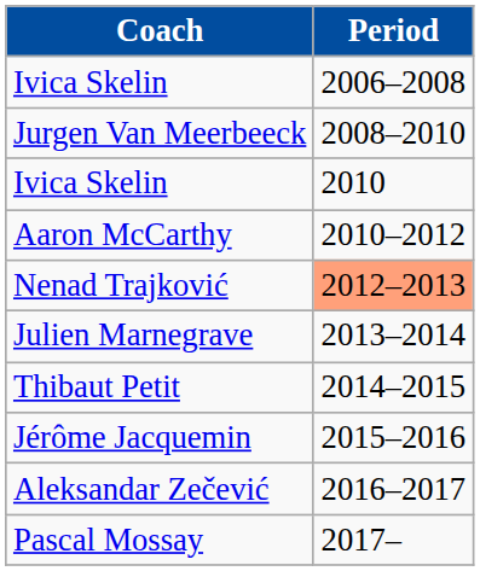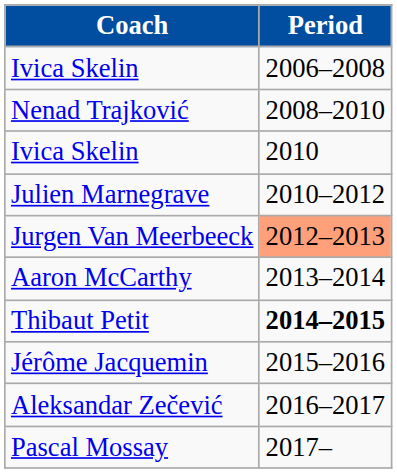 <table class="wikitable sortable">
 <tr>
 <th style="background:#014D9F; color:white;">Coach</th>
 <th style="background:#014D9F; color:white;">Period</th>
 </tr>
 <tr>
 <td> <a href='#'>Ivica Skelin</a></td>
 <td>2006–2008</td>
 </tr>
 <tr>
-<td> <a href='#'>Jurgen Van Meerbeeck</a></td>
+<td> <a href='#'>Nenad Trajković</a></td>
 <td>2008–2010</td>
 </tr>
 <tr>
 <td> <a href='#'>Ivica Skelin</a></td>
 <td>2010</td>
 </tr>
 <tr>
-<td> <a href='#'>Aaron McCarthy</a></td>
+<td> <a href='#'>Julien Marnegrave</a></td>
 <td>2010–2012</td>
 </tr>
 <tr>
-<td> <a href='#'>Nenad Trajković</a></td>
+<td> <a href='#'>Jurgen Van Meerbeeck</a></td>
 <td style="background: lightsalmon;">2012–2013</td>
 </tr>
 <tr>
-<td> <a href='#'>Julien Marnegrave</a></td>
+<td> <a href='#'>Aaron McCarthy</a></td>
 <td>2013–2014</td>
 </tr>
 <tr>
 <td> <a href='#'>Thibaut Petit</a></td>
-<td>2014–2015</td>
+<td><strong>2014–2015</strong></td>
 </tr>
 <tr>
 <td> <a href='#'>Jérôme Jacquemin</a></td>
 <td>2015–2016</td>
 </tr>
 <tr>
 <td> <a href='#'>Aleksandar Zečević</a></td>
 <td>2016–2017</td>
 </tr>
 <tr>
 <td> <a href='#'>Pascal Mossay</a></td>
 <td>2017–</td>
 </tr>
 </table>
